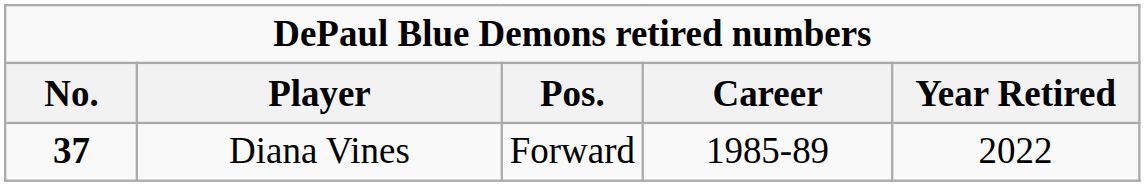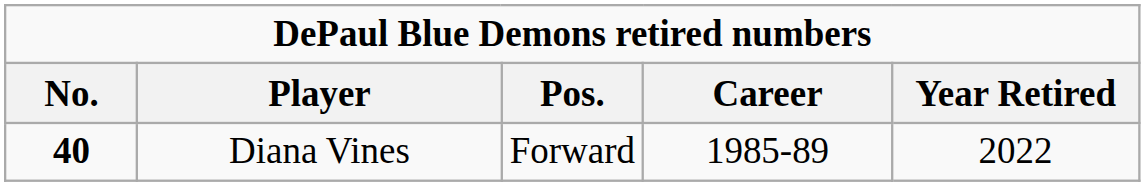 <table class="wikitable sortable" style="text-align:center">
 <tr>
 <td colspan="5"><strong>DePaul Blue Demons retired numbers</strong></td>
 </tr>
 <tr>
 <th width=50px>No.</th>
 <th width=150px>Player</th>
 <th width=50px>Pos.</th>
 <th width=100px>Career</th>
 <th width=100px>Year Retired</th>
 </tr>
 <tr>
-<td><strong>37</strong></td>
+<td><strong>40</strong></td>
 <td>Diana Vines</td>
 <td>Forward</td>
 <td>1985-89</td>
 <td>2022</td>
 </tr>
 </table>
